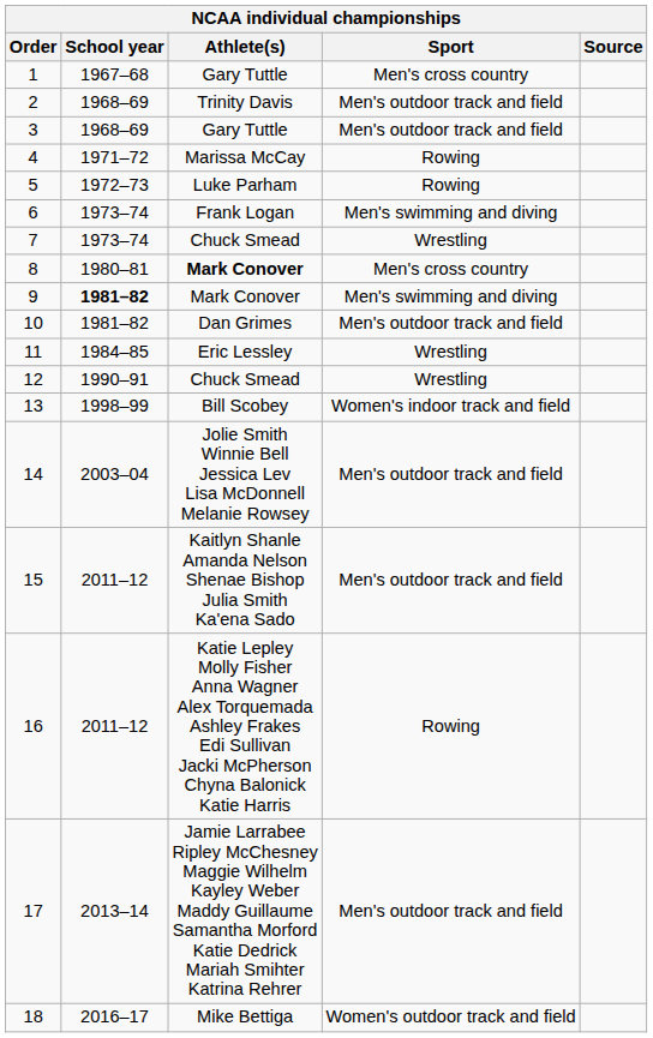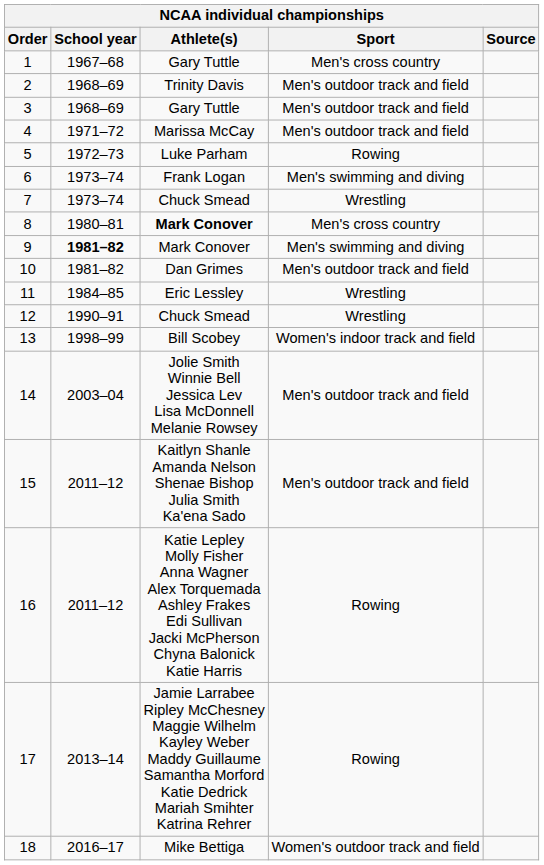 <table class="wikitable sortable" style="text-align:center">
 <tr align="center">
 <th colspan=5>NCAA individual championships</th>
 </tr>
 <tr>
 <th>Order</th>
 <th>School year</th>
 <th>Athlete(s)</th>
 <th>Sport</th>
 <th>Source</th>
 </tr>
 <tr align="center" bgcolor="">
 <td>1</td>
 <td>1967–68</td>
 <td>Gary Tuttle</td>
 <td>Men's cross country</td>
 <td></td>
 </tr>
 <tr align="center" bgcolor="">
 <td>2</td>
 <td>1968–69</td>
 <td>Trinity Davis</td>
 <td>Men's outdoor track and field</td>
 <td></td>
 </tr>
 <tr align="center" bgcolor="">
 <td>3</td>
 <td>1968–69</td>
 <td>Gary Tuttle</td>
 <td>Men's outdoor track and field</td>
 <td></td>
 </tr>
 <tr align="center" bgcolor="">
 <td>4</td>
 <td>1971–72</td>
 <td>Marissa McCay</td>
-<td>Rowing</td>
+<td>Men's outdoor track and field</td>
 <td></td>
 </tr>
 <tr align="center" bgcolor="">
 <td>5</td>
 <td>1972–73</td>
 <td>Luke Parham</td>
 <td>Rowing</td>
 <td></td>
 </tr>
 <tr align="center" bgcolor="">
 <td>6</td>
 <td>1973–74</td>
 <td>Frank Logan</td>
 <td>Men's swimming and diving</td>
 <td></td>
 </tr>
 <tr align="center" bgcolor="">
 <td>7</td>
 <td>1973–74</td>
 <td>Chuck Smead</td>
 <td>Wrestling</td>
 <td></td>
 </tr>
 <tr align="center" bgcolor="">
 <td>8</td>
 <td>1980–81</td>
 <td><strong>Mark Conover</strong></td>
 <td>Men's cross country</td>
 <td></td>
 </tr>
 <tr align="center" bgcolor="">
 <td>9</td>
 <td><strong>1981–82</strong></td>
 <td>Mark Conover</td>
 <td>Men's swimming and diving</td>
 <td></td>
 </tr>
 <tr align="center" bgcolor="">
 <td>10</td>
 <td>1981–82</td>
 <td>Dan Grimes</td>
 <td>Men's outdoor track and field</td>
 <td></td>
 </tr>
 <tr align="center" bgcolor="">
 <td>11</td>
 <td>1984–85</td>
 <td>Eric Lessley</td>
 <td>Wrestling</td>
 <td></td>
 </tr>
 <tr align="center" bgcolor="">
 <td>12</td>
 <td>1990–91</td>
 <td>Chuck Smead</td>
 <td>Wrestling</td>
 <td></td>
 </tr>
 <tr align="center" bgcolor="">
 <td>13</td>
 <td>1998–99</td>
 <td>Bill Scobey</td>
 <td>Women's indoor track and field</td>
 <td></td>
 </tr>
 <tr align="center" bgcolor="">
 <td>14</td>
 <td>2003–04</td>
 <td>Jolie Smith<br>Winnie Bell<br>Jessica Lev<br>Lisa McDonnell<br>Melanie Rowsey</td>
 <td>Men's outdoor track and field</td>
 <td></td>
 </tr>
 <tr align="center" bgcolor="">
 <td>15</td>
 <td>2011–12</td>
 <td>Kaitlyn Shanle<br>Amanda Nelson<br>Shenae Bishop<br>Julia Smith<br>Ka'ena Sado</td>
 <td>Men's outdoor track and field</td>
 <td></td>
 </tr>
 <tr align="center" bgcolor="">
 <td>16</td>
 <td>2011–12</td>
 <td>Katie Lepley<br>Molly Fisher<br>Anna Wagner<br>Alex Torquemada<br>Ashley Frakes<br>Edi Sullivan<br>Jacki McPherson<br>Chyna Balonick<br>Katie Harris</td>
 <td>Rowing</td>
 <td></td>
 </tr>
 <tr align="center" bgcolor="">
 <td>17</td>
 <td>2013–14</td>
 <td>Jamie Larrabee<br>Ripley McChesney<br>Maggie Wilhelm<br>Kayley Weber<br>Maddy Guillaume<br>Samantha Morford<br>Katie Dedrick<br>Mariah Smihter<br>Katrina Rehrer</td>
-<td>Men's outdoor track and field</td>
+<td>Rowing</td>
 <td></td>
 </tr>
 <tr align="center" bgcolor="">
 <td>18</td>
 <td>2016–17</td>
 <td>Mike Bettiga</td>
 <td>Women's outdoor track and field</td>
 <td></td>
 </tr>
 </table>
